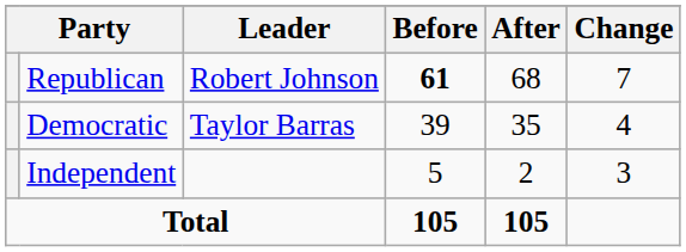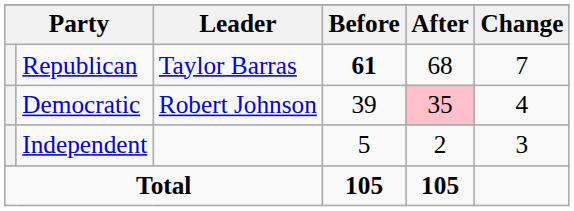 <table class="wikitable" style="text-align:center;">
 <tr>
 </tr>
 <tr>
 <th colspan=2>Party</th>
 <th>Leader</th>
 <th>Before</th>
 <th>After</th>
 <th>Change</th>
 </tr>
 <tr>
 <th style="background-color:"></th>
 <td style="text-align:left;"><a href='#'>Republican</a></td>
-<td style="text-align:left;"><a href='#'>Robert Johnson</a></td>
+<td style="text-align:left;"><a href='#'>Taylor Barras</a></td>
 <td><strong>61</strong></td>
 <td>68</td>
 <td> 7</td>
 </tr>
 <tr>
 <th style="background-color:"></th>
 <td style="text-align:left;"><a href='#'>Democratic</a></td>
-<td style="text-align:left;"><a href='#'>Taylor Barras</a></td>
+<td style="text-align:left;"><a href='#'>Robert Johnson</a></td>
 <td>39</td>
-<td>35</td>
+<td style="background: pink;">35</td>
 <td> 4</td>
 </tr>
 <tr>
 <th style="background-color:"></th>
 <td style="text-align:left;"><a href='#'>Independent</a></td>
 <td style="text-align:left;"></td>
 <td>5</td>
 <td>2</td>
 <td> 3</td>
 </tr>
 <tr>
 <td colspan=3><strong>Total</strong></td>
 <td><strong>105</strong></td>
 <td><strong>105</strong></td>
 </tr>
 </table>
